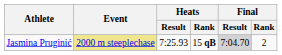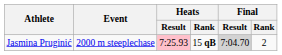 <table class="wikitable" style="font-size:90%">
 <tr>
 <th rowspan=2>Athlete</th>
 <th rowspan=2>Event</th>
 <th colspan=2>Heats</th>
 <th colspan=2>Final</th>
 </tr>
 <tr style="font-size:95%">
 <th>Result</th>
 <th>Rank</th>
 <th>Result</th>
 <th>Rank</th>
 </tr>
 <tr align=center>
 <td align=left><a href='#'>Jasmina Pruginić</a></td>
-<td align=left style="background: khaki;"><a href='#'>2000 m steeplechase</a></td>
-<td>7:25.93</td>
+<td align=left><a href='#'>2000 m steeplechase</a></td>
+<td style="background: pink;">7:25.93</td>
 <td>15 <strong>qB</strong></td>
 <td style="background: lightgrey;">7:04.70</td>
 <td>2</td>
 </tr>
 </table>
